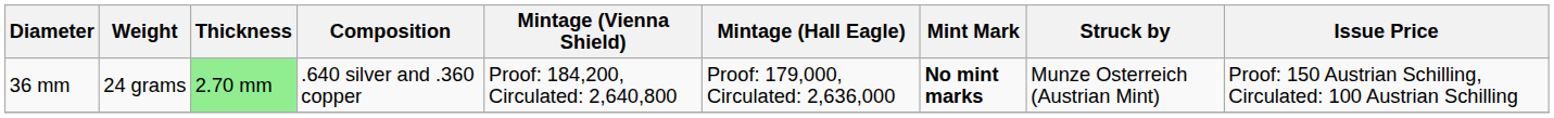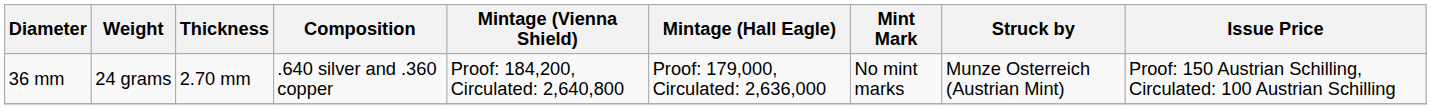 <table class="wikitable">
 <tr>
 <th>Diameter</th>
 <th>Weight</th>
 <th>Thickness</th>
 <th>Composition</th>
 <th>Mintage (Vienna Shield)</th>
 <th>Mintage (Hall Eagle)</th>
 <th>Mint Mark</th>
 <th>Struck by</th>
 <th>Issue Price</th>
 </tr>
 <tr>
 <td>36 mm</td>
 <td>24 grams</td>
-<td style="background: lightgreen;">2.70 mm</td>
+<td>2.70 mm</td>
 <td>.640 silver and .360 copper</td>
 <td>Proof: 184,200, Circulated: 2,640,800</td>
 <td>Proof: 179,000, Circulated: 2,636,000</td>
-<td><strong>No mint marks</strong></td>
+<td>No mint marks</td>
 <td>Munze Osterreich (Austrian Mint)</td>
 <td>Proof: 150 Austrian Schilling, Circulated: 100 Austrian Schilling</td>
 </tr>
 <tr>
 </tr>
 </table>
